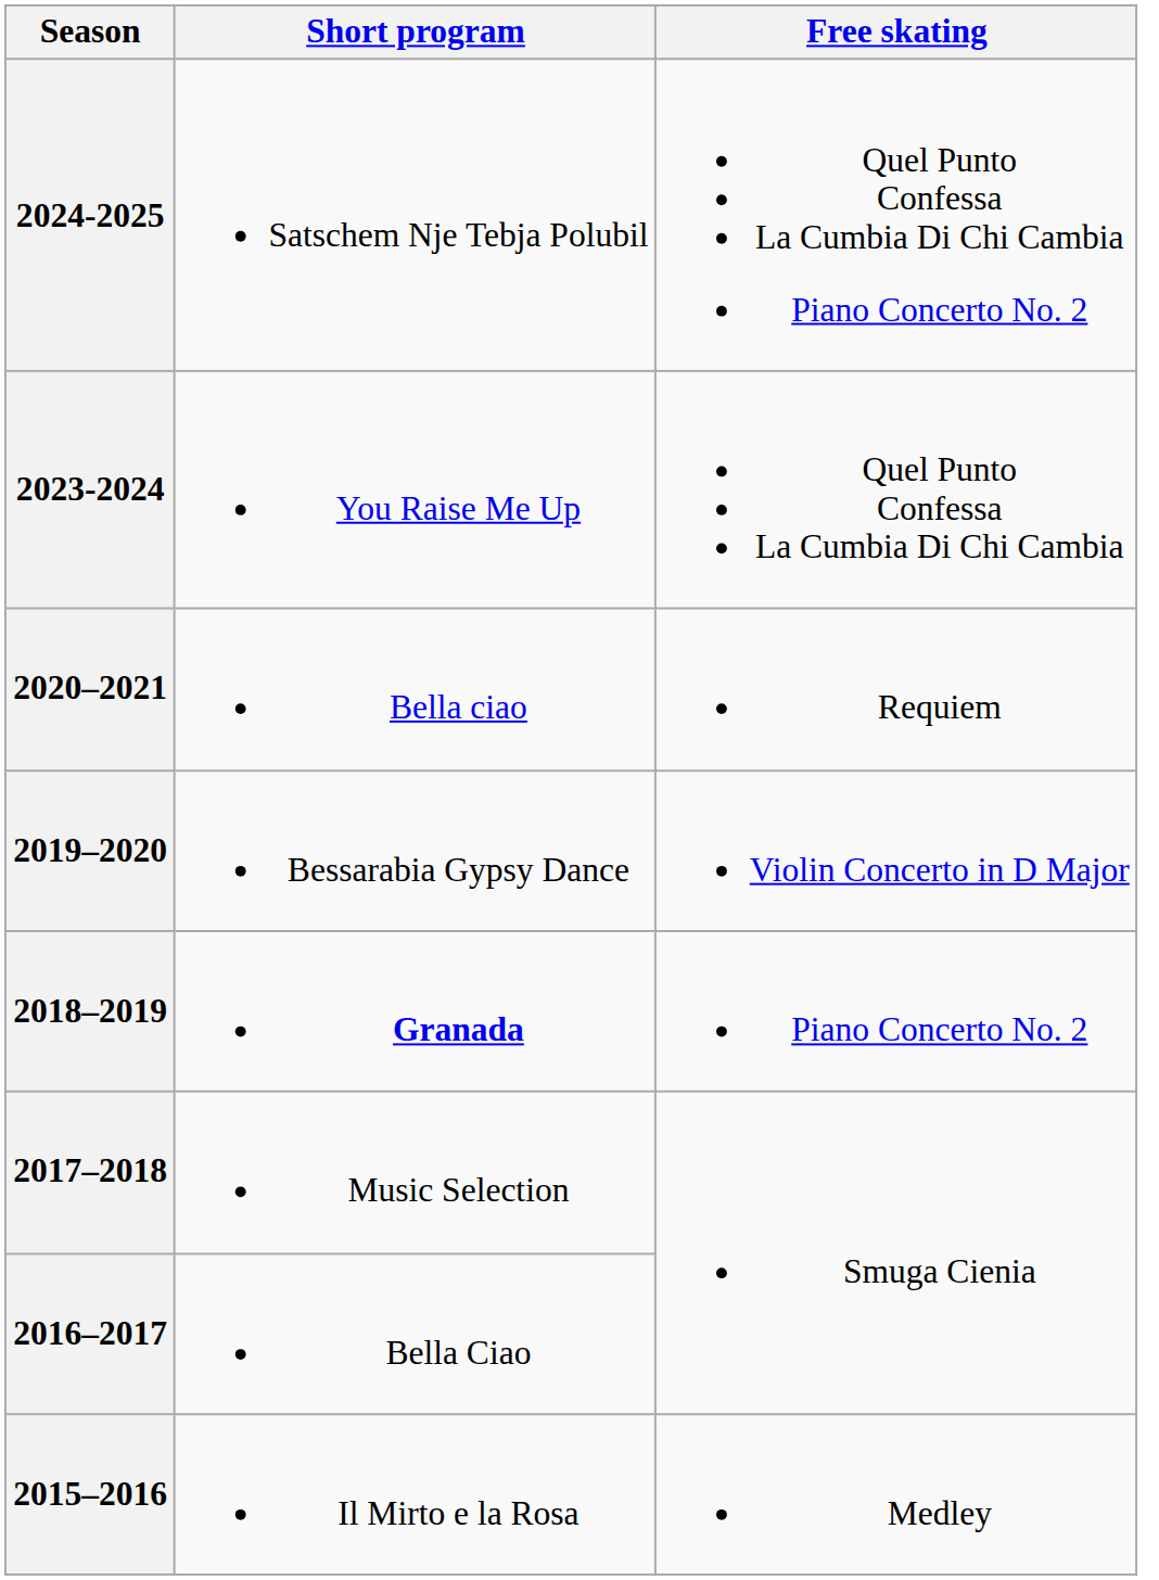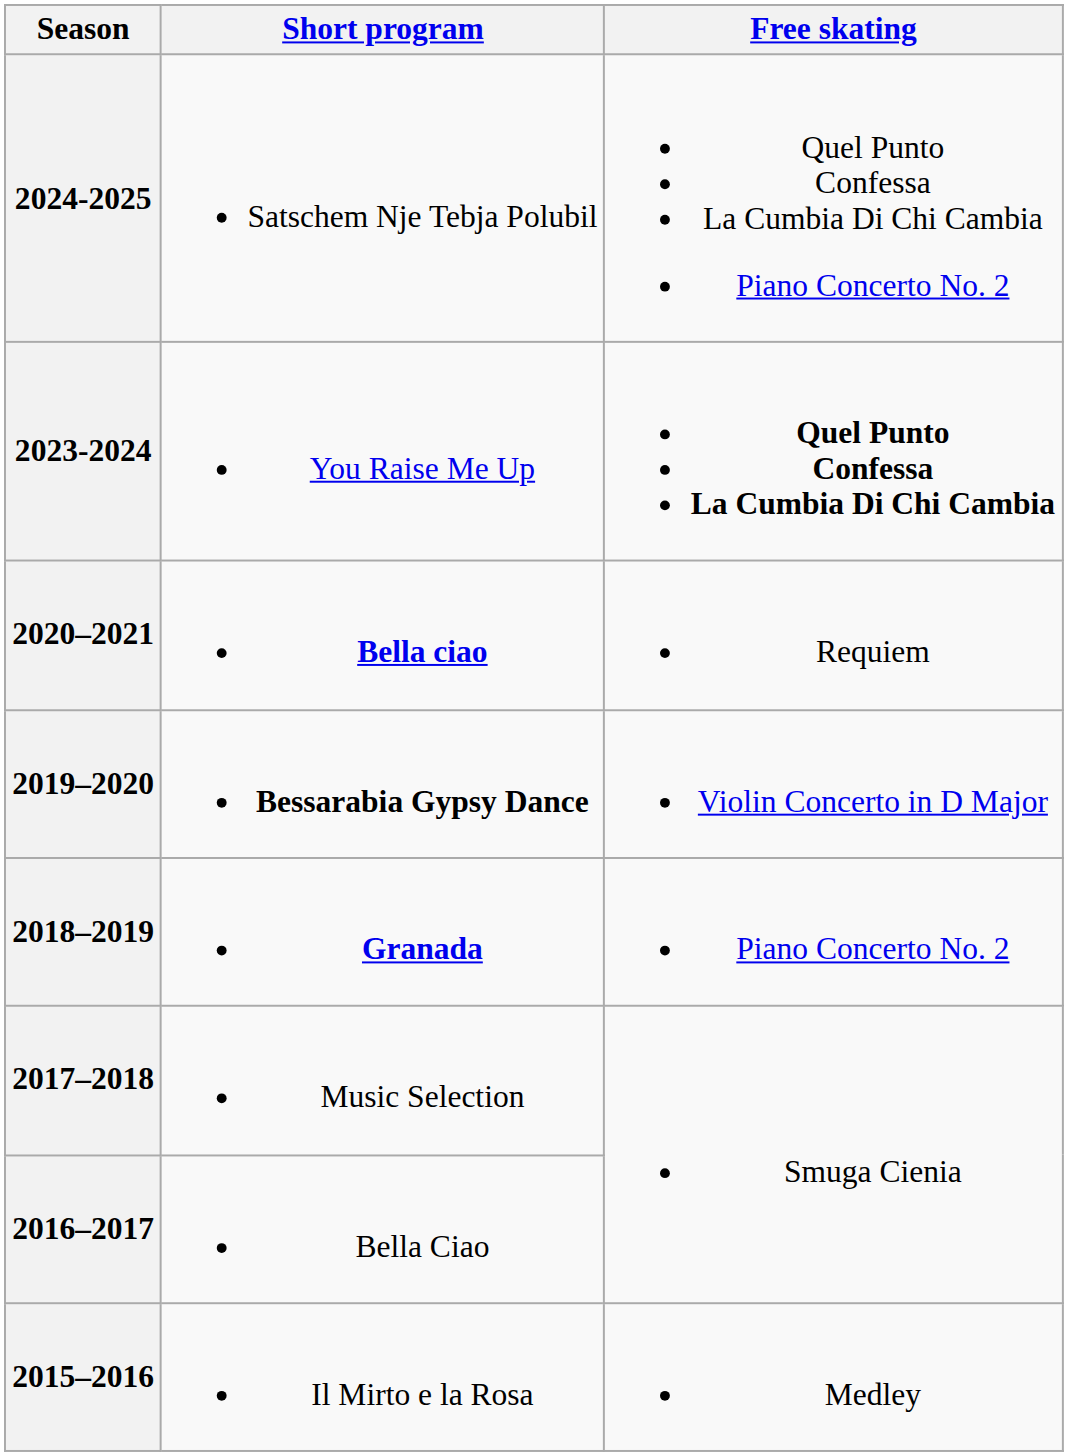 <table class=wikitable style=text-align:center>
 <tr>
 <th>Season</th>
 <th><a href='#'>Short program</a></th>
 <th><a href='#'>Free skating</a></th>
 </tr>
 <tr>
 <th>2024-2025</th>
 <td><br><ul><li>Satschem Nje Tebja Polubil <br> </li></ul></td>
 <td><br><ul><li>Quel Punto</li><li>Confessa</li><li>La Cumbia Di Chi Cambia <br> </li></ul><ul><li><a href='#'>Piano Concerto No. 2</a> <br> </li></ul></td>
 </tr>
 <tr>
 <th>2023-2024</th>
 <td><br><ul><li><a href='#'>You Raise Me Up</a> <br> </li></ul></td>
-<td><br><ul><li>Quel Punto</li><li>Confessa</li><li>La Cumbia Di Chi Cambia <br> </li></ul></td>
+<td><strong><br><ul><li>Quel Punto</li><li>Confessa</li><li>La Cumbia Di Chi Cambia <br> </li></ul></strong></td>
 </tr>
 <tr>
 <th>2020–2021 <br> </th>
-<td><br><ul><li><a href='#'>Bella ciao</a> <br> </li></ul></td>
+<td><strong><br><ul><li><a href='#'>Bella ciao</a> <br> </li></ul></strong></td>
 <td><br><ul><li>Requiem <br> </li></ul></td>
 </tr>
 <tr>
 <th>2019–2020 <br> </th>
-<td><br><ul><li>Bessarabia Gypsy Dance <br> </li></ul></td>
+<td><strong><br><ul><li>Bessarabia Gypsy Dance <br> </li></ul></strong></td>
 <td><br><ul><li><a href='#'>Violin Concerto in D Major</a><br> </li></ul></td>
 </tr>
 <tr>
 <th>2018–2019 <br> </th>
 <td><strong><br><ul><li><a href='#'>Granada</a> <br></li></ul></strong></td>
 <td><br><ul><li><a href='#'>Piano Concerto No. 2</a> <br></li></ul></td>
 </tr>
 <tr>
 <th>2017–2018 <br> </th>
 <td><br><ul><li>Music Selection <br></li></ul></td>
 <td rowspan=2><br><ul><li>Smuga Cienia <br></li></ul></td>
 </tr>
 <tr>
 <th>2016–2017 <br> </th>
 <td><br><ul><li>Bella Ciao <br></li></ul></td>
 </tr>
 <tr>
 <th>2015–2016 <br> </th>
 <td><br><ul><li>Il Mirto e la Rosa <br></li></ul></td>
 <td><br><ul><li>Medley <br></li></ul></td>
 </tr>
 </table>
